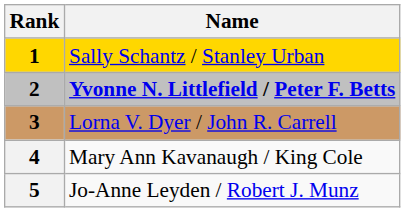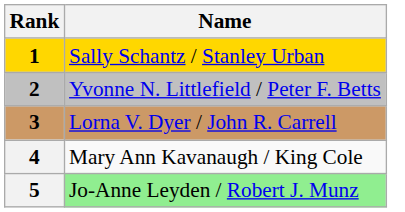 <table class="wikitable">
 <tr>
 <th>Rank</th>
 <th>Name</th>
 </tr>
 <tr bgcolor="gold">
 <td align="center"><strong>1</strong></td>
 <td><a href='#'>Sally Schantz</a> / <a href='#'>Stanley Urban</a></td>
 </tr>
 <tr bgcolor="silver">
 <td align="center"><strong>2</strong></td>
-<td><strong><a href='#'>Yvonne N. Littlefield</a> / <a href='#'>Peter F. Betts</a></strong></td>
+<td><a href='#'>Yvonne N. Littlefield</a> / <a href='#'>Peter F. Betts</a></td>
 </tr>
 <tr bgcolor="cc9966">
 <td align="center"><strong>3</strong></td>
 <td><a href='#'>Lorna V. Dyer</a> / <a href='#'>John R. Carrell</a></td>
 </tr>
 <tr>
 <th>4</th>
 <td>Mary Ann Kavanaugh / King Cole</td>
 </tr>
 <tr>
 <th>5</th>
-<td>Jo-Anne Leyden / <a href='#'>Robert J. Munz</a></td>
+<td style="background: lightgreen;">Jo-Anne Leyden / <a href='#'>Robert J. Munz</a></td>
 </tr>
 </table>
